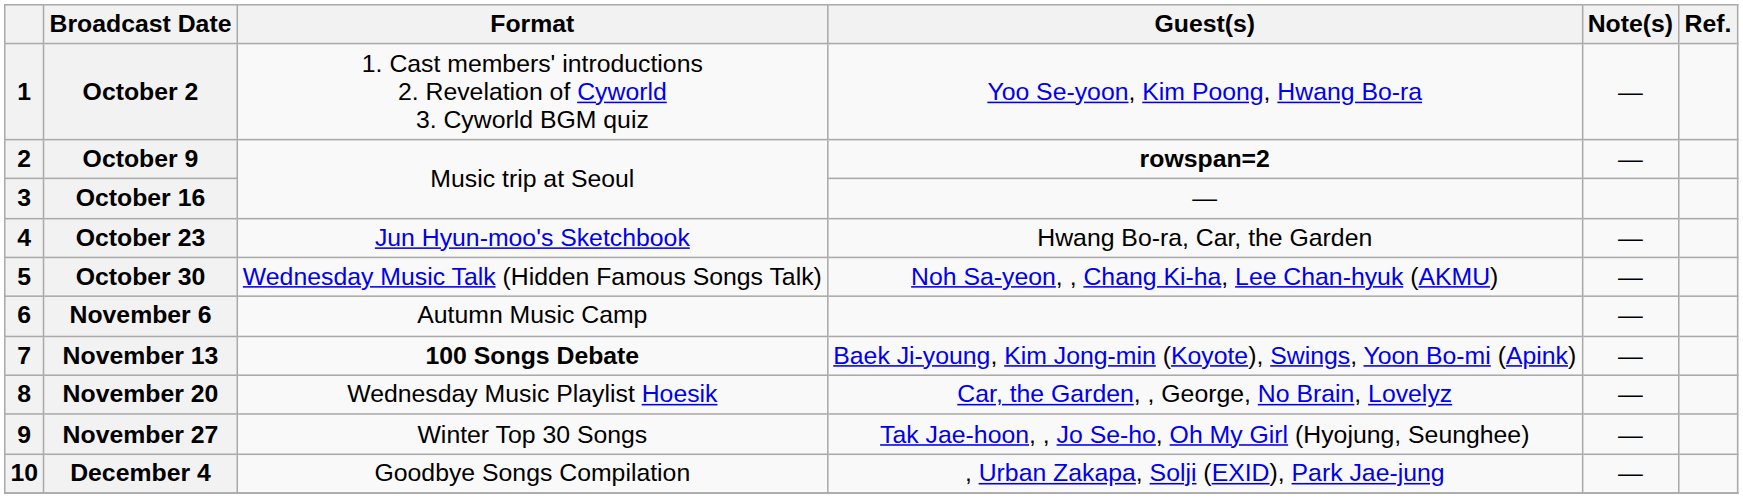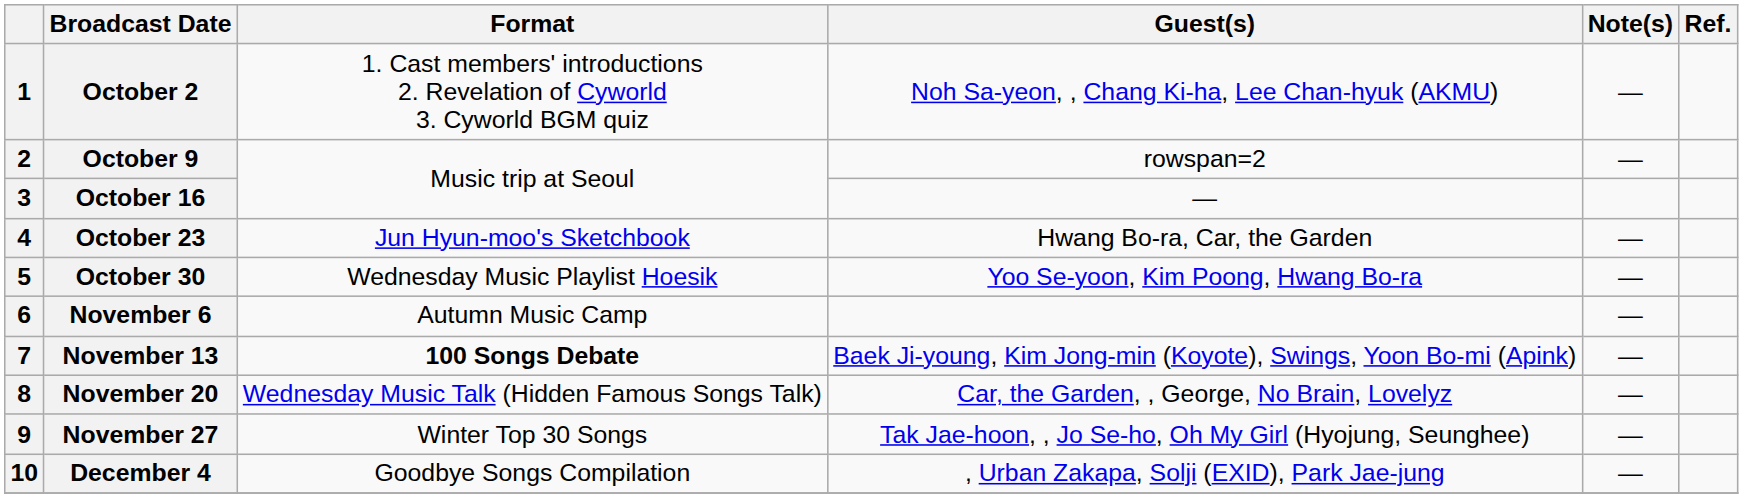 <table class=wikitable style=text-align:center>
 <tr>
 <th></th>
 <th>Broadcast Date</th>
 <th>Format</th>
 <th>Guest(s)</th>
 <th>Note(s)</th>
 <th>Ref.</th>
 </tr>
 <tr>
 <th>1</th>
 <th>October 2</th>
 <td>1. Cast members' introductions<br>2. Revelation of <a href='#'>Cyworld</a><br>3. Cyworld BGM quiz</td>
-<td><a href='#'>Yoo Se-yoon</a>, <a href='#'>Kim Poong</a>, <a href='#'>Hwang Bo-ra</a></td>
+<td><a href='#'>Noh Sa-yeon</a>, , <a href='#'>Chang Ki-ha</a>, <a href='#'>Lee Chan-hyuk</a> (<a href='#'>AKMU</a>)</td>
 <td>—</td>
 <td></td>
 </tr>
 <tr>
 <th>2</th>
 <th>October 9</th>
 <td rowspan=2>Music trip at Seoul</td>
-<td><strong>rowspan=2 </strong></td>
+<td>rowspan=2 </td>
 <td>—</td>
 <td></td>
 </tr>
 <tr>
 <th>3</th>
 <th>October 16</th>
 <td>—</td>
 <td></td>
 </tr>
 <tr>
 <th>4</th>
 <th>October 23</th>
 <td><a href='#'>Jun Hyun-moo's Sketchbook</a></td>
 <td>Hwang Bo-ra, Car, the Garden</td>
 <td>—</td>
 <td></td>
 </tr>
 <tr>
 <th>5</th>
 <th>October 30</th>
-<td><a href='#'>Wednesday Music Talk</a> (Hidden Famous Songs Talk)</td>
-<td><a href='#'>Noh Sa-yeon</a>, , <a href='#'>Chang Ki-ha</a>, <a href='#'>Lee Chan-hyuk</a> (<a href='#'>AKMU</a>)</td>
+<td>Wednesday Music Playlist <a href='#'>Hoesik</a></td>
+<td><a href='#'>Yoo Se-yoon</a>, <a href='#'>Kim Poong</a>, <a href='#'>Hwang Bo-ra</a></td>
 <td>—</td>
 <td></td>
 </tr>
 <tr>
 <th>6</th>
 <th>November 6</th>
 <td>Autumn Music Camp</td>
 <td></td>
 <td>—</td>
 <td></td>
 </tr>
 <tr>
 <th>7</th>
 <th>November 13</th>
 <td><strong>100 Songs Debate</strong></td>
 <td><a href='#'>Baek Ji-young</a>, <a href='#'>Kim Jong-min</a> (<a href='#'>Koyote</a>), <a href='#'>Swings</a>, <a href='#'>Yoon Bo-mi</a> (<a href='#'>Apink</a>)</td>
 <td>—</td>
 <td></td>
 </tr>
 <tr>
 <th>8</th>
 <th>November 20</th>
-<td>Wednesday Music Playlist <a href='#'>Hoesik</a></td>
+<td><a href='#'>Wednesday Music Talk</a> (Hidden Famous Songs Talk)</td>
 <td><a href='#'>Car, the Garden</a>, , George, <a href='#'>No Brain</a>, <a href='#'>Lovelyz</a></td>
 <td>—</td>
 <td></td>
 </tr>
 <tr>
 <th>9</th>
 <th>November 27</th>
 <td>Winter Top 30 Songs</td>
 <td><a href='#'>Tak Jae-hoon</a>, , <a href='#'>Jo Se-ho</a>, <a href='#'>Oh My Girl</a> (Hyojung, Seunghee)</td>
 <td>—</td>
 <td></td>
 </tr>
 <tr>
 <th>10</th>
 <th>December 4</th>
 <td>Goodbye Songs Compilation</td>
 <td>, <a href='#'>Urban Zakapa</a>, <a href='#'>Solji</a> (<a href='#'>EXID</a>), <a href='#'>Park Jae-jung</a></td>
 <td>—</td>
 <td></td>
 </tr>
 <tr>
 </tr>
 </table>
